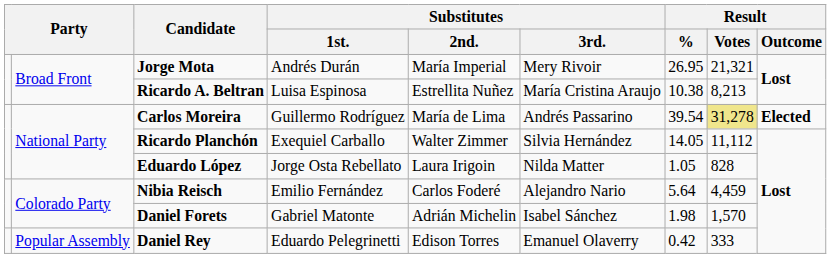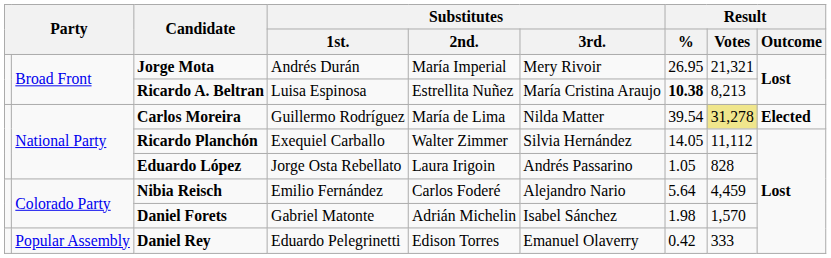 <table class="wikitable">
 <tr>
 <th colspan="2" rowspan="2">Party</th>
 <th rowspan="2">Candidate</th>
 <th colspan="3">Substitutes</th>
 <th colspan="3">Result</th>
 </tr>
 <tr>
 <th>1st.</th>
 <th>2nd.</th>
 <th>3rd.</th>
 <th>%</th>
 <th>Votes</th>
 <th>Outcome</th>
 </tr>
 <tr>
 <td rowspan="2" style="background:"></td>
 <td rowspan="2"><a href='#'>Broad Front</a></td>
 <td><strong>Jorge Mota</strong></td>
 <td>Andrés Durán</td>
 <td>María Imperial</td>
 <td>Mery Rivoir</td>
 <td>26.95</td>
 <td>21,321</td>
 <td rowspan="2"><strong>Lost</strong> </td>
 </tr>
 <tr>
 <td><strong>Ricardo A. Beltran</strong></td>
 <td>Luisa Espinosa</td>
 <td>Estrellita Nuñez</td>
 <td>María Cristina Araujo</td>
-<td>10.38</td>
+<td><strong>10.38</strong></td>
 <td>8,213</td>
 </tr>
 <tr>
 <td rowspan="3" style="background:"></td>
 <td rowspan="3"><a href='#'>National Party</a></td>
 <td><strong>Carlos Moreira</strong></td>
 <td>Guillermo Rodríguez</td>
 <td>María de Lima</td>
-<td>Andrés Passarino</td>
+<td>Nilda Matter</td>
 <td>39.54</td>
 <td style="background: khaki;">31,278</td>
 <td><strong>Elected</strong> </td>
 </tr>
 <tr>
 <td><strong>Ricardo Planchón</strong></td>
 <td>Exequiel Carballo</td>
 <td>Walter Zimmer</td>
 <td>Silvia Hernández</td>
 <td>14.05</td>
 <td>11,112</td>
 <td rowspan="5"><strong>Lost</strong> </td>
 </tr>
 <tr>
 <td><strong>Eduardo López</strong></td>
 <td>Jorge Osta Rebellato</td>
 <td>Laura Irigoin</td>
-<td>Nilda Matter</td>
+<td>Andrés Passarino</td>
 <td>1.05</td>
 <td>828</td>
 </tr>
 <tr>
 <td rowspan="2" style="background:"></td>
 <td rowspan="2"><a href='#'>Colorado Party</a></td>
 <td><strong>Nibia Reisch</strong></td>
 <td>Emilio Fernández</td>
 <td>Carlos Foderé</td>
 <td>Alejandro Nario</td>
 <td>5.64</td>
 <td>4,459</td>
 </tr>
 <tr>
 <td><strong>Daniel Forets</strong></td>
 <td>Gabriel Matonte</td>
 <td>Adrián Michelin</td>
 <td>Isabel Sánchez</td>
 <td>1.98</td>
 <td>1,570</td>
 </tr>
 <tr>
 <td style="background:"></td>
 <td><a href='#'>Popular Assembly</a></td>
 <td><strong>Daniel Rey</strong></td>
 <td>Eduardo Pelegrinetti</td>
 <td>Edison Torres</td>
 <td>Emanuel Olaverry</td>
 <td>0.42</td>
 <td>333</td>
 </tr>
 </table>
